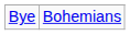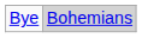 <table class="wikitable" style="text-align: center">
 <tr>
 </tr>
 <tr>
 <td><a href='#'>Bye</a></td>
-<td><a href='#'>Bohemians</a></td>
+<td style="background: lightgrey;"><a href='#'>Bohemians</a></td>
 </tr>
 </table>
